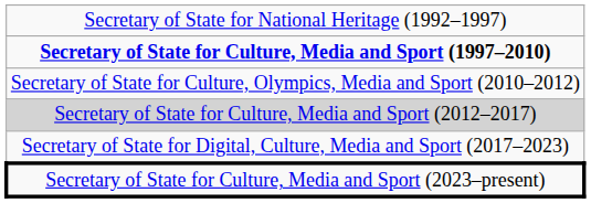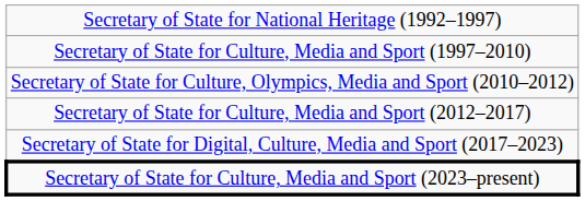 <table class="wikitable" style="text-align: center">
 <tr>
 <td><a href='#'>Secretary of State for National Heritage</a> (1992–1997)</td>
 </tr>
 <tr>
-<td><strong><a href='#'>Secretary of State for Culture, Media and Sport</a> (1997–2010)</strong></td>
+<td><a href='#'>Secretary of State for Culture, Media and Sport</a> (1997–2010)</td>
 </tr>
 <tr>
 <td><a href='#'>Secretary of State for Culture, Olympics, Media and Sport</a> (2010–2012)</td>
 </tr>
 <tr>
-<td style="background: lightgrey;"><a href='#'>Secretary of State for Culture, Media and Sport</a> (2012–2017)</td>
+<td><a href='#'>Secretary of State for Culture, Media and Sport</a> (2012–2017)</td>
 </tr>
 <tr>
 <td><a href='#'>Secretary of State for Digital, Culture, Media and Sport</a> (2017–2023)</td>
 </tr>
 <tr>
 <td style="border-width:3px 3px 3px 3px;border-color:black;"><a href='#'>Secretary of State for Culture, Media and Sport</a> (2023–present)</td>
 </tr>
 </table>
